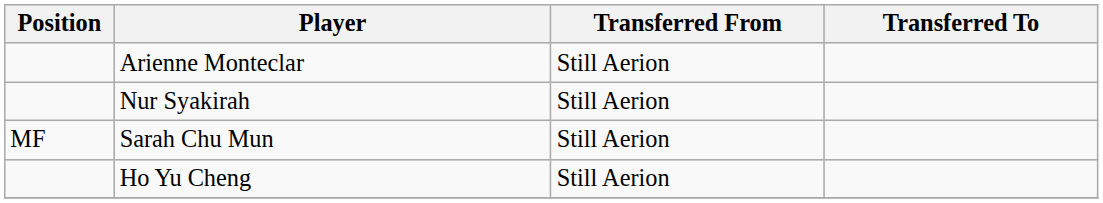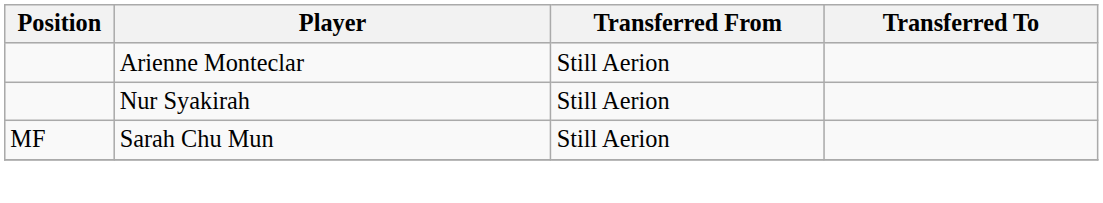 <table class="wikitable sortable" style="width:45em; text-align:center; font-size:100%; text-align:left;">
 <tr>
 <th style="width:10%;">Position</th>
 <th style="width:40%;">Player</th>
 <th style="width:25%;">Transferred From</th>
 <th style="width:25%;">Transferred To</th>
 </tr>
 <tr>
 <td></td>
 <td>Arienne Monteclar</td>
 <td>Still Aerion</td>
 <td></td>
 </tr>
 <tr>
 <td></td>
 <td> Nur Syakirah</td>
 <td>Still Aerion</td>
 <td></td>
 </tr>
 <tr>
 <td>MF</td>
 <td> Sarah Chu Mun</td>
 <td>Still Aerion</td>
 <td></td>
 </tr>
 <tr>
-<td></td>
-<td> Ho Yu Cheng</td>
-<td>Still Aerion</td>
-<td></td>
-</tr>
-<tr>
 </tr>
 </table>
